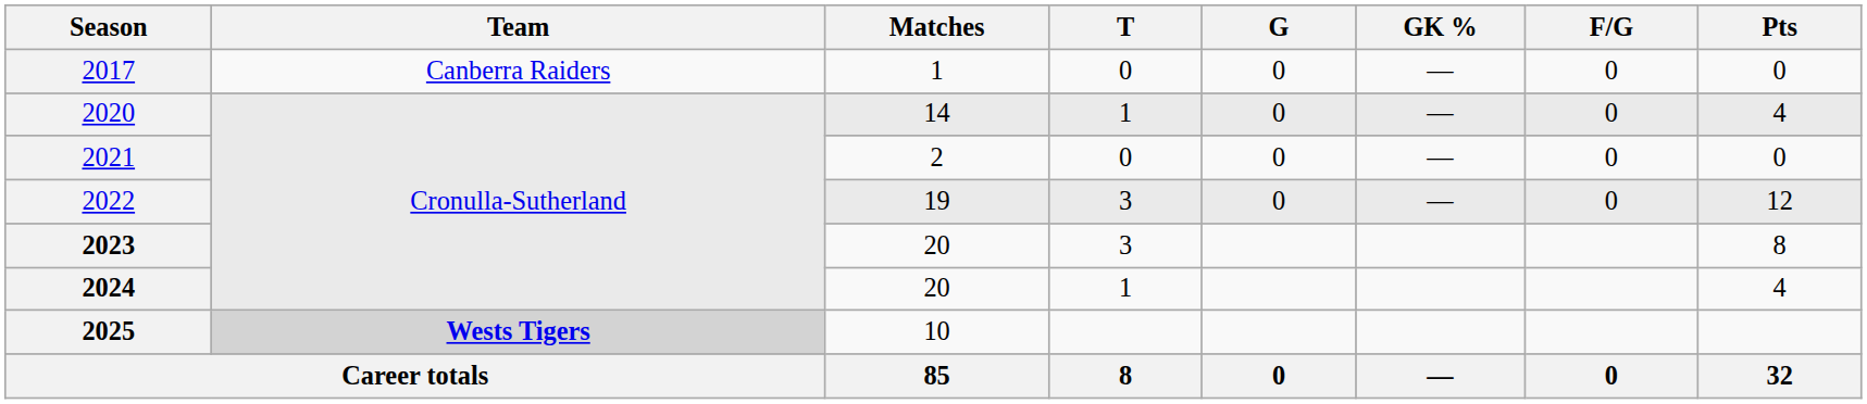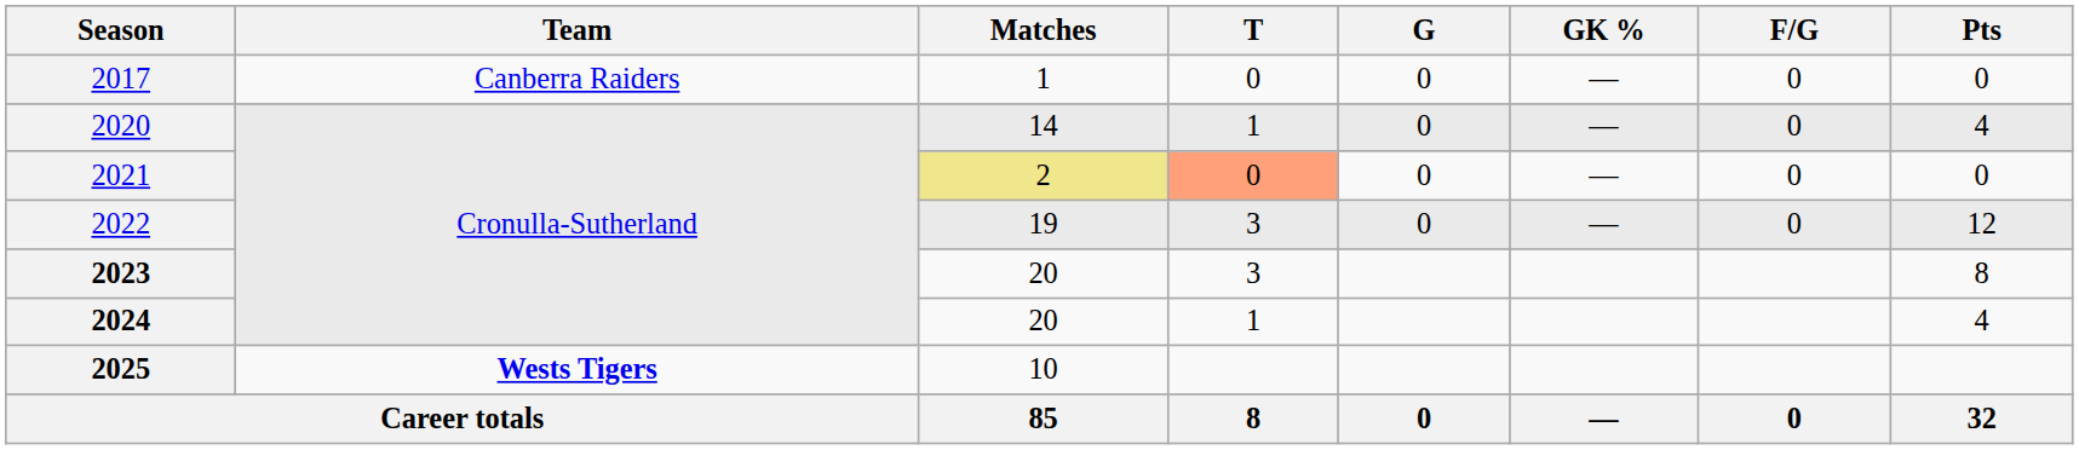 <table class="wikitable sortable"  style="font-size:90%; text-align:center; width:80%;">
 <tr>
 <th width=2%>Season</th>
 <th width=8%>Team</th>
 <th width=2%>Matches</th>
 <th width=2%>T</th>
 <th width=2%>G</th>
 <th width=2%>GK %</th>
 <th width=2%>F/G</th>
 <th width=2%>Pts</th>
 </tr>
 <tr>
 <th scope="row" style="text-align:center; font-weight:normal"><a href='#'>2017</a></th>
 <td style="text-align:center;"> <a href='#'>Canberra Raiders</a></td>
 <td>1</td>
 <td>0</td>
 <td>0</td>
 <td>—</td>
 <td>0</td>
 <td>0</td>
 </tr>
 <tr style="background:#eaeaea;">
 <th scope="row" style="text-align:center; font-weight:normal"><a href='#'>2020</a></th>
 <td rowspan="5" style="text-align:center;"> <a href='#'>Cronulla-Sutherland</a></td>
 <td>14</td>
 <td>1</td>
 <td>0</td>
 <td>—</td>
 <td>0</td>
 <td>4</td>
 </tr>
 <tr>
 <th scope="row" style="text-align:center; font-weight:normal"><a href='#'>2021</a></th>
-<td>2</td>
-<td>0</td>
+<td style="background: khaki;">2</td>
+<td style="background: lightsalmon;">0</td>
 <td>0</td>
 <td>—</td>
 <td>0</td>
 <td>0</td>
 </tr>
 <tr style="background:#eaeaea;">
 <th scope="row" style="text-align:center; font-weight:normal"><a href='#'>2022</a></th>
 <td>19</td>
 <td>3</td>
 <td>0</td>
 <td>—</td>
 <td>0</td>
 <td>12</td>
 </tr>
 <tr>
 <th>2023</th>
 <td>20</td>
 <td>3</td>
 <td></td>
 <td></td>
 <td></td>
 <td>8</td>
 </tr>
 <tr>
 <th>2024</th>
 <td>20</td>
 <td>1</td>
 <td></td>
 <td></td>
 <td></td>
 <td>4</td>
 </tr>
 <tr>
 <th>2025</th>
-<td style="background: lightgrey;"> <strong><a href='#'>Wests Tigers</a></strong></td>
+<td> <strong><a href='#'>Wests Tigers</a></strong></td>
 <td>10</td>
 <td></td>
 <td></td>
 <td></td>
 <td></td>
 <td></td>
 </tr>
 <tr class="sortbottom">
 <th colspan="2">Career totals</th>
 <th>85</th>
 <th>8</th>
 <th>0</th>
 <th>—</th>
 <th>0</th>
 <th>32</th>
 </tr>
 </table>
